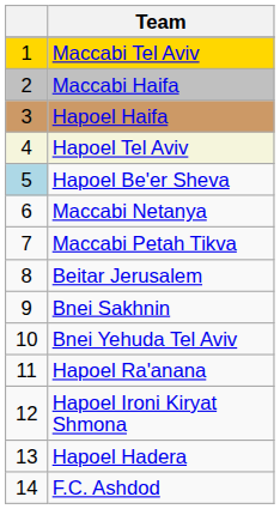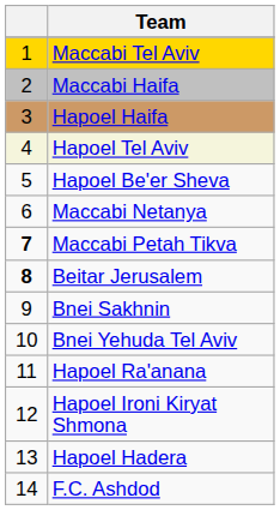 <table class="wikitable" style="font-size: 95%; text-align: center;">
 <tr>
 <th width=25></th>
 <th width=165>Team</th>
 </tr>
 <tr>
 </tr>
 <tr style="background:gold;">
 <td>1</td>
 <td style="text-align:left;"><a href='#'>Maccabi Tel Aviv</a></td>
 </tr>
 <tr style="background:silver;">
 <td>2</td>
 <td style="text-align:left;"><a href='#'>Maccabi Haifa</a></td>
 </tr>
 <tr style="background:#c96;">
 <td>3</td>
 <td style="text-align:left;"><a href='#'>Hapoel Haifa</a></td>
 </tr>
 <tr style="background:beige;">
 <td>4</td>
 <td style="text-align:left;"><a href='#'>Hapoel Tel Aviv</a></td>
 </tr>
 <tr>
-<td style="background: lightblue;">5</td>
+<td>5</td>
 <td style="text-align:left;"><a href='#'>Hapoel Be'er Sheva</a></td>
 </tr>
 <tr>
 <td>6</td>
 <td style="text-align:left;"><a href='#'>Maccabi Netanya</a></td>
 </tr>
 <tr>
-<td>7</td>
+<td><strong>7</strong></td>
 <td style="text-align:left;"><a href='#'>Maccabi Petah Tikva</a></td>
 </tr>
 <tr>
-<td>8</td>
+<td><strong>8</strong></td>
 <td style="text-align:left;"><a href='#'>Beitar Jerusalem</a></td>
 </tr>
 <tr>
 <td>9</td>
 <td style="text-align:left;"><a href='#'>Bnei Sakhnin</a></td>
 </tr>
 <tr>
 <td>10</td>
 <td style="text-align:left;"><a href='#'>Bnei Yehuda Tel Aviv</a></td>
 </tr>
 <tr>
 <td>11</td>
 <td style="text-align:left;"><a href='#'>Hapoel Ra'anana</a></td>
 </tr>
 <tr>
 <td>12</td>
 <td style="text-align:left;"><a href='#'>Hapoel Ironi Kiryat Shmona</a></td>
 </tr>
 <tr>
 <td>13</td>
 <td style="text-align:left;"><a href='#'>Hapoel Hadera</a></td>
 </tr>
 <tr>
 <td>14</td>
 <td style="text-align:left;"><a href='#'>F.C. Ashdod</a></td>
 </tr>
 </table>
